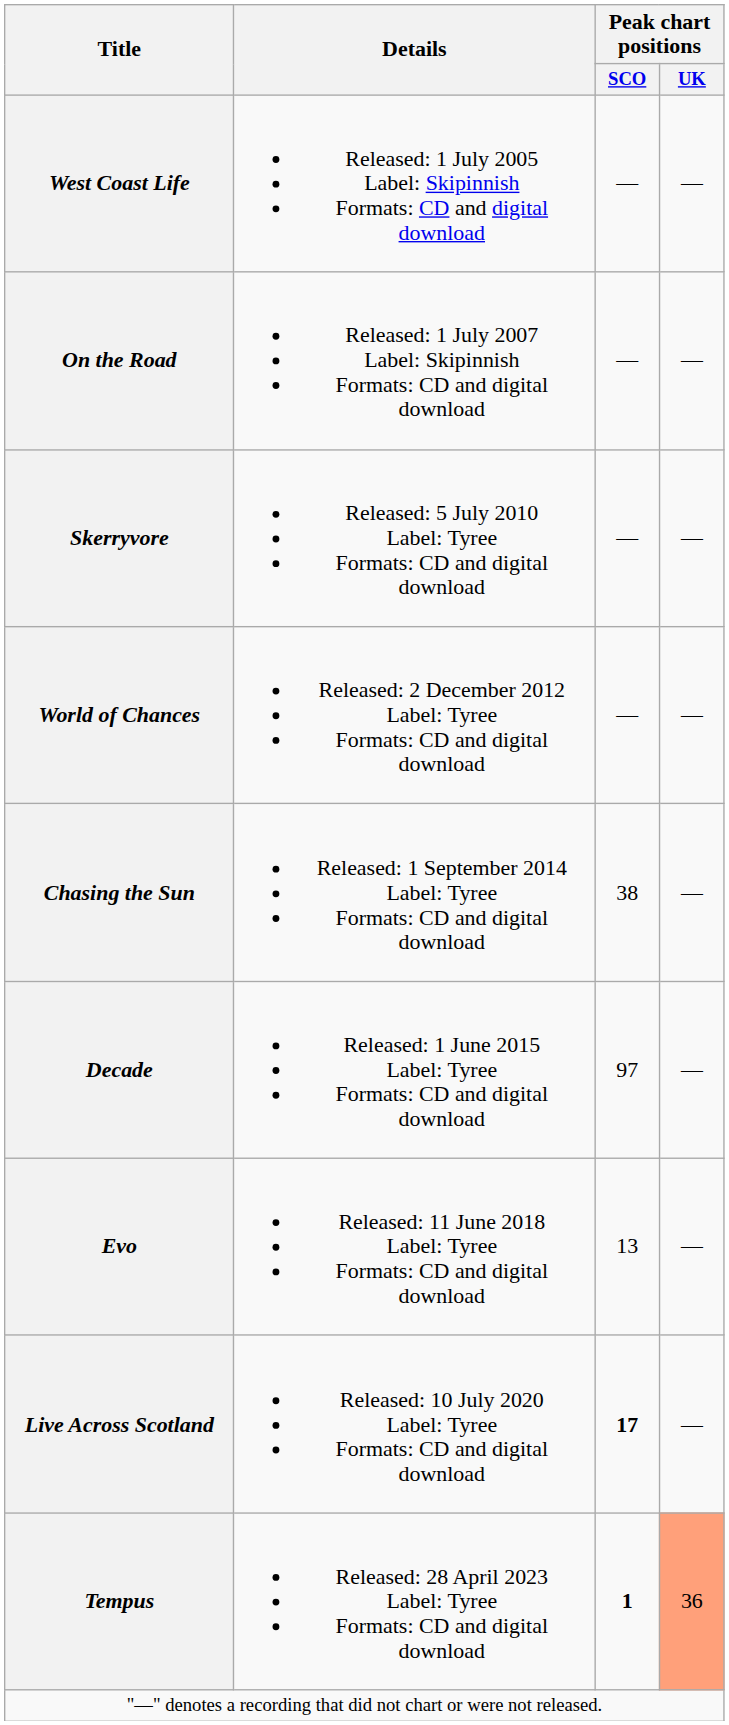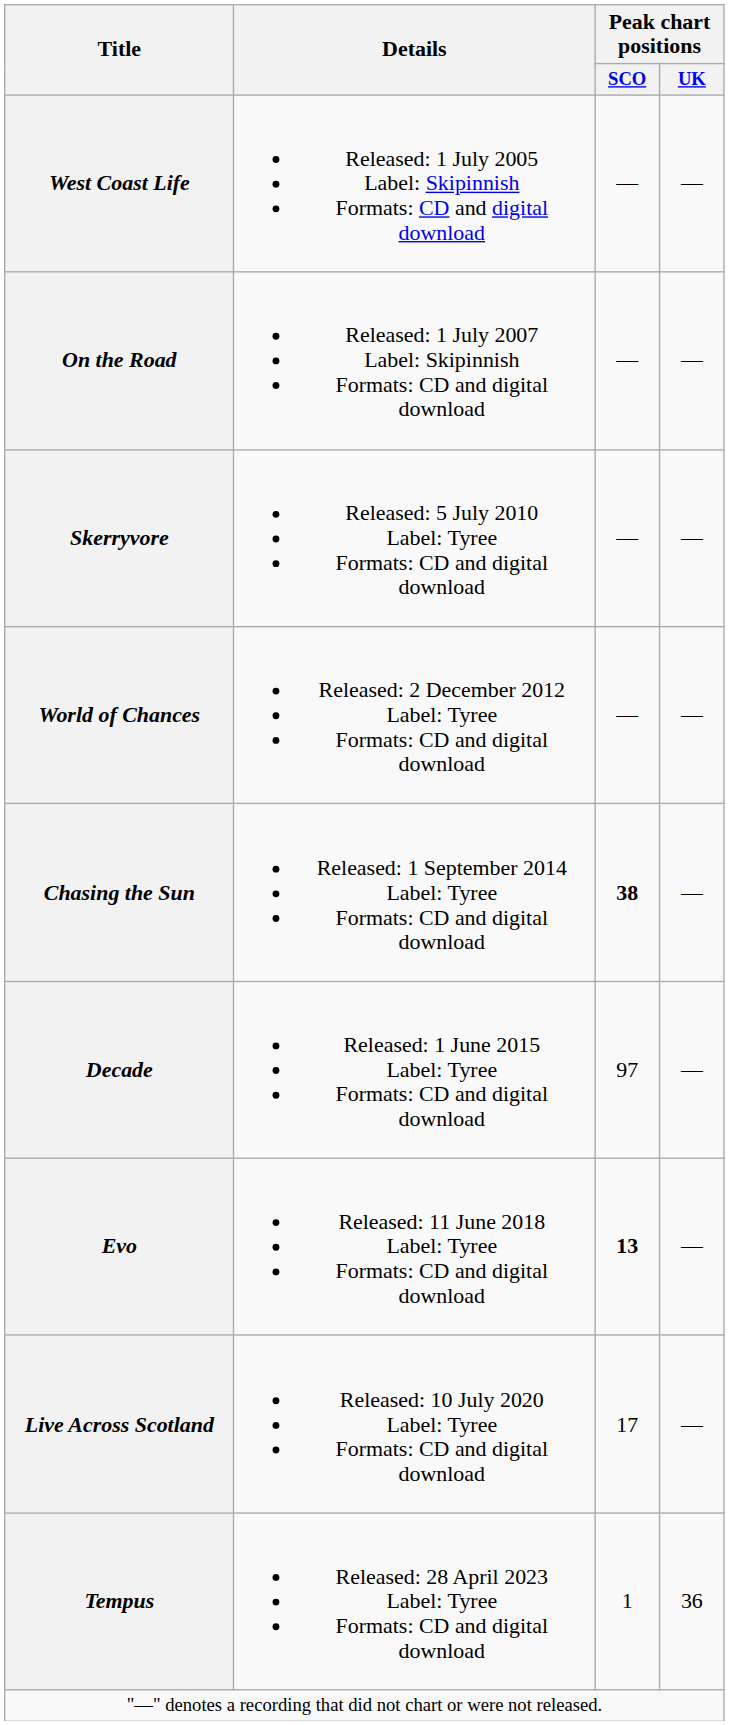 <table class="wikitable plainrowheaders" style="text-align:center;" border="1">
 <tr>
 <th scope="col" rowspan="2" style="width:10em;">Title</th>
 <th scope="col" rowspan="2" style="width:16em;">Details</th>
 <th scope="col" colspan="2">Peak chart positions</th>
 </tr>
 <tr>
 <th scope="col" style="width:3em;font-size:85%;"><a href='#'>SCO</a><br></th>
 <th scope="col" style="width:3em;font-size:85%;"><a href='#'>UK</a><br></th>
 </tr>
 <tr>
 <th scope="row"><em>West Coast Life</em></th>
 <td><br><ul><li>Released: 1 July 2005</li><li>Label: <a href='#'>Skipinnish</a></li><li>Formats: <a href='#'>CD</a> and <a href='#'>digital download</a></li></ul></td>
 <td>—</td>
 <td>—</td>
 </tr>
 <tr>
 <th scope="row"><em>On the Road</em></th>
 <td><br><ul><li>Released: 1 July 2007</li><li>Label: Skipinnish</li><li>Formats: CD and digital download</li></ul></td>
 <td>—</td>
 <td>—</td>
 </tr>
 <tr>
 <th scope="row"><em>Skerryvore</em></th>
 <td><br><ul><li>Released: 5 July 2010</li><li>Label: Tyree</li><li>Formats: CD and digital download</li></ul></td>
 <td>—</td>
 <td>—</td>
 </tr>
 <tr>
 <th scope="row"><em>World of Chances</em></th>
 <td><br><ul><li>Released: 2 December 2012</li><li>Label: Tyree</li><li>Formats: CD and digital download</li></ul></td>
 <td>—</td>
 <td>—</td>
 </tr>
 <tr>
 <th scope="row"><em>Chasing the Sun</em></th>
 <td><br><ul><li>Released: 1 September 2014</li><li>Label: Tyree</li><li>Formats: CD and digital download</li></ul></td>
-<td>38</td>
+<td><strong>38</strong></td>
 <td>—</td>
 </tr>
 <tr>
 <th scope="row"><em>Decade</em></th>
 <td><br><ul><li>Released: 1 June 2015</li><li>Label: Tyree</li><li>Formats: CD and digital download</li></ul></td>
 <td>97</td>
 <td>—</td>
 </tr>
 <tr>
 <th scope="row"><em>Evo</em></th>
 <td><br><ul><li>Released: 11 June 2018</li><li>Label: Tyree</li><li>Formats: CD and digital download</li></ul></td>
-<td>13</td>
+<td><strong>13</strong></td>
 <td>—</td>
 </tr>
 <tr>
 <th scope="row"><em>Live Across Scotland</em></th>
 <td><br><ul><li>Released: 10 July 2020</li><li>Label: Tyree</li><li>Formats: CD and digital download</li></ul></td>
-<td><strong>17</strong></td>
+<td>17</td>
 <td>—</td>
 </tr>
 <tr>
 <th scope="row"><em>Tempus</em></th>
 <td><br><ul><li>Released: 28 April 2023</li><li>Label: Tyree</li><li>Formats: CD and digital download</li></ul></td>
-<td><strong>1</strong></td>
-<td style="background: lightsalmon;">36</td>
+<td>1</td>
+<td>36</td>
 </tr>
 <tr>
 <td colspan="17" style="text-align:center; font-size:85%">"—" denotes a recording that did not chart or were not released.</td>
 </tr>
 </table>
